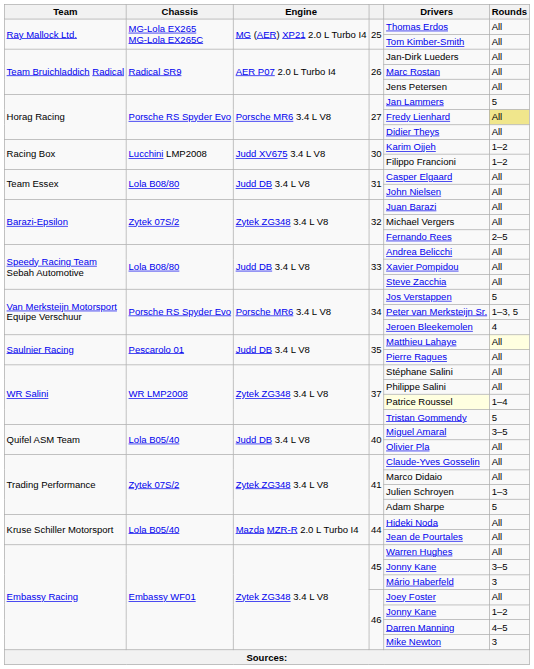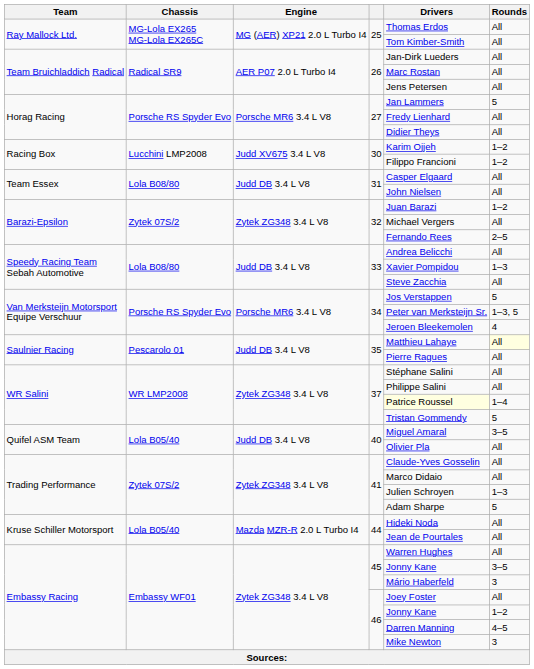 <table class="wikitable" style="font-size: 85%">
 <tr>
 <th>Team</th>
 <th>Chassis</th>
 <th>Engine</th>
 <th></th>
 <th>Drivers</th>
 <th>Rounds</th>
 </tr>
 <tr>
 <td rowspan="2"> <a href='#'>Ray Mallock Ltd.</a></td>
 <td rowspan="2"><a href='#'>MG-Lola EX265</a> <br><a href='#'>MG-Lola EX265C</a> </td>
 <td rowspan="2"><a href='#'>MG</a> (<a href='#'>AER</a>) <a href='#'>XP21</a> 2.0 L Turbo I4</td>
 <td rowspan="2" align="center">25</td>
 <td> <a href='#'>Thomas Erdos</a></td>
 <td>All</td>
 </tr>
 <tr>
 <td> <a href='#'>Tom Kimber-Smith</a></td>
 <td>All</td>
 </tr>
 <tr>
 <td rowspan="3"> <a href='#'>Team Bruichladdich</a> <a href='#'>Radical</a></td>
 <td rowspan="3"><a href='#'>Radical SR9</a></td>
 <td rowspan="3"><a href='#'>AER P07</a> 2.0 L Turbo I4</td>
 <td rowspan="3" align="center">26</td>
 <td> Jan-Dirk Lueders</td>
 <td>All</td>
 </tr>
 <tr>
 <td> <a href='#'>Marc Rostan</a></td>
 <td>All</td>
 </tr>
 <tr>
 <td> Jens Petersen</td>
 <td>All</td>
 </tr>
 <tr>
 <td rowspan="3"> Horag Racing</td>
 <td rowspan="3"><a href='#'>Porsche RS Spyder Evo</a></td>
 <td rowspan="3"><a href='#'>Porsche MR6</a> 3.4 L V8</td>
 <td rowspan="3" align="center">27</td>
 <td> <a href='#'>Jan Lammers</a></td>
 <td>5</td>
 </tr>
 <tr>
 <td> <a href='#'>Fredy Lienhard</a></td>
-<td style="background: khaki;">All</td>
+<td>All</td>
 </tr>
 <tr>
 <td> <a href='#'>Didier Theys</a></td>
 <td>All</td>
 </tr>
 <tr>
 <td rowspan="2"> Racing Box</td>
 <td rowspan="2"><a href='#'>Lucchini</a> LMP2008</td>
 <td rowspan="2"><a href='#'>Judd XV675</a> 3.4 L V8</td>
 <td rowspan="2" align="center">30</td>
 <td> <a href='#'>Karim Ojjeh</a></td>
 <td>1–2</td>
 </tr>
 <tr>
 <td> Filippo Francioni</td>
 <td>1–2</td>
 </tr>
 <tr>
 <td rowspan="2"> Team Essex</td>
 <td rowspan="2"><a href='#'>Lola B08/80</a></td>
 <td rowspan="2"><a href='#'>Judd DB</a> 3.4 L V8</td>
 <td rowspan="2" align="center">31</td>
 <td> <a href='#'>Casper Elgaard</a></td>
 <td>All</td>
 </tr>
 <tr>
 <td> <a href='#'>John Nielsen</a></td>
 <td>All</td>
 </tr>
 <tr>
 <td rowspan="3"> <a href='#'>Barazi-Epsilon</a></td>
 <td rowspan="3"><a href='#'>Zytek 07S/2</a></td>
 <td rowspan="3"><a href='#'>Zytek ZG348</a> 3.4 L V8</td>
 <td rowspan="3" align="center">32</td>
 <td> <a href='#'>Juan Barazi</a></td>
-<td>All</td>
+<td>1–2</td>
 </tr>
 <tr>
 <td> Michael Vergers</td>
 <td>All</td>
 </tr>
 <tr>
 <td> <a href='#'>Fernando Rees</a></td>
 <td>2–5</td>
 </tr>
 <tr>
 <td rowspan="3"> <a href='#'>Speedy Racing Team</a><br> Sebah Automotive</td>
 <td rowspan="3"><a href='#'>Lola B08/80</a></td>
 <td rowspan="3"><a href='#'>Judd DB</a> 3.4 L V8</td>
 <td rowspan="3" align="center">33</td>
 <td> <a href='#'>Andrea Belicchi</a></td>
 <td>All</td>
 </tr>
 <tr>
 <td> <a href='#'>Xavier Pompidou</a></td>
-<td>All</td>
+<td>1–3</td>
 </tr>
 <tr>
 <td> <a href='#'>Steve Zacchia</a></td>
 <td>All</td>
 </tr>
 <tr>
 <td rowspan="3"> <a href='#'>Van Merksteijn Motorsport</a><br> Equipe Verschuur</td>
 <td rowspan="3"><a href='#'>Porsche RS Spyder Evo</a></td>
 <td rowspan="3"><a href='#'>Porsche MR6</a> 3.4 L V8</td>
 <td rowspan="3" align="center">34</td>
 <td> <a href='#'>Jos Verstappen</a></td>
 <td>5</td>
 </tr>
 <tr>
 <td> <a href='#'>Peter van Merksteijn Sr.</a></td>
 <td>1–3, 5</td>
 </tr>
 <tr>
 <td> <a href='#'>Jeroen Bleekemolen</a></td>
 <td>4</td>
 </tr>
 <tr>
 <td rowspan="2"> <a href='#'>Saulnier Racing</a></td>
 <td rowspan="2"><a href='#'>Pescarolo 01</a></td>
 <td rowspan="2"><a href='#'>Judd DB</a> 3.4 L V8</td>
 <td rowspan="2" align="center">35</td>
 <td> <a href='#'>Matthieu Lahaye</a></td>
 <td style="background: lightyellow;">All</td>
 </tr>
 <tr>
 <td> <a href='#'>Pierre Ragues</a></td>
 <td>All</td>
 </tr>
 <tr>
 <td rowspan="4"> <a href='#'>WR Salini</a></td>
 <td rowspan="4"><a href='#'>WR LMP2008</a></td>
 <td rowspan="4"><a href='#'>Zytek ZG348</a> 3.4 L V8</td>
 <td rowspan="4" align="center">37</td>
 <td> Stéphane Salini</td>
 <td>All</td>
 </tr>
 <tr>
 <td> Philippe Salini</td>
 <td>All</td>
 </tr>
 <tr>
 <td style="background: lightyellow;"> Patrice Roussel</td>
 <td>1–4</td>
 </tr>
 <tr>
 <td> <a href='#'>Tristan Gommendy</a></td>
 <td>5</td>
 </tr>
 <tr>
 <td rowspan="2"> Quifel ASM Team</td>
 <td rowspan="2"><a href='#'>Lola B05/40</a></td>
 <td rowspan="2"><a href='#'>Judd DB</a> 3.4 L V8</td>
 <td rowspan="2" align="center">40</td>
 <td> <a href='#'>Miguel Amaral</a></td>
 <td>3–5</td>
 </tr>
 <tr>
 <td> <a href='#'>Olivier Pla</a></td>
 <td>All</td>
 </tr>
 <tr>
 <td rowspan="4"> Trading Performance</td>
 <td rowspan="4"><a href='#'>Zytek 07S/2</a></td>
 <td rowspan="4"><a href='#'>Zytek ZG348</a> 3.4 L V8</td>
 <td rowspan="4" align="center">41</td>
 <td> <a href='#'>Claude-Yves Gosselin</a></td>
 <td>All</td>
 </tr>
 <tr>
 <td> Marco Didaio</td>
 <td>All</td>
 </tr>
 <tr>
 <td> Julien Schroyen</td>
 <td>1–3</td>
 </tr>
 <tr>
 <td> Adam Sharpe</td>
 <td>5</td>
 </tr>
 <tr>
 <td rowspan="2"> Kruse Schiller Motorsport</td>
 <td rowspan="2"><a href='#'>Lola B05/40</a></td>
 <td rowspan="2"><a href='#'>Mazda</a> <a href='#'>MZR-R</a> 2.0 L Turbo I4</td>
 <td rowspan="2" align="center">44</td>
 <td> <a href='#'>Hideki Noda</a></td>
 <td>All</td>
 </tr>
 <tr>
 <td> <a href='#'>Jean de Pourtales</a></td>
 <td>All</td>
 </tr>
 <tr>
 <td rowspan="7"> <a href='#'>Embassy Racing</a></td>
 <td rowspan="7"><a href='#'>Embassy WF01</a></td>
 <td rowspan="7"><a href='#'>Zytek ZG348</a> 3.4 L V8</td>
 <td rowspan="3" align="center">45</td>
 <td> <a href='#'>Warren Hughes</a></td>
 <td>All</td>
 </tr>
 <tr>
 <td> <a href='#'>Jonny Kane</a></td>
 <td>3–5</td>
 </tr>
 <tr>
 <td> <a href='#'>Mário Haberfeld</a></td>
 <td>3</td>
 </tr>
 <tr>
 <td rowspan="4" align="center">46</td>
 <td> <a href='#'>Joey Foster</a></td>
 <td>All</td>
 </tr>
 <tr>
 <td> <a href='#'>Jonny Kane</a></td>
 <td>1–2</td>
 </tr>
 <tr>
 <td> <a href='#'>Darren Manning</a></td>
 <td>4–5</td>
 </tr>
 <tr>
 <td> <a href='#'>Mike Newton</a></td>
 <td>3</td>
 </tr>
 <tr>
 <th colspan="6">Sources:</th>
 </tr>
 </table>
